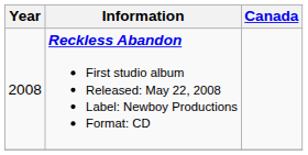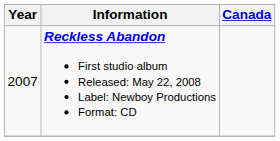 <table class="wikitable">
 <tr>
 <th align="center" rowspan="1">Year</th>
 <th align="center" rowspan="1">Information</th>
 <th align="center" rowspan="1"><a href='#'>Canada</a></th>
 </tr>
 <tr>
-<td>2008</td>
+<td>2007</td>
 <td><strong><em><a href='#'>Reckless Abandon</a></em></strong><br><ul><li><small>First studio album</small></li><li><small>Released: May 22, 2008</small></li><li><small>Label: Newboy Productions</small></li><li><small>Format: CD</small></li></ul></td>
 <td></td>
 </tr>
 <tr>
 </tr>
 </table>
